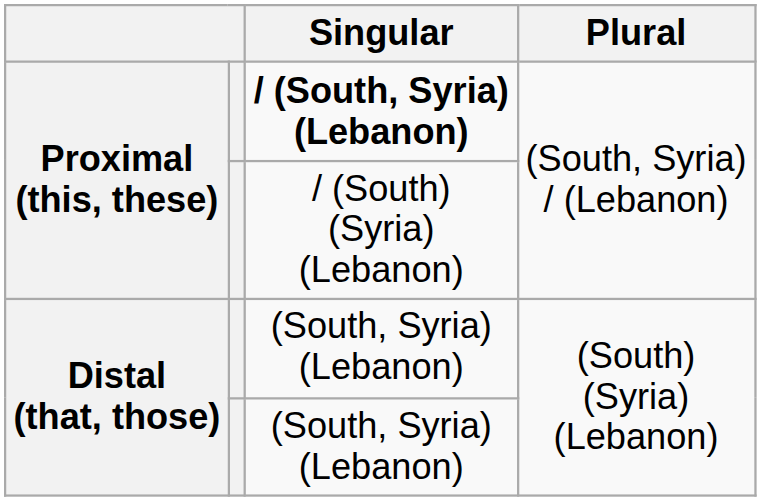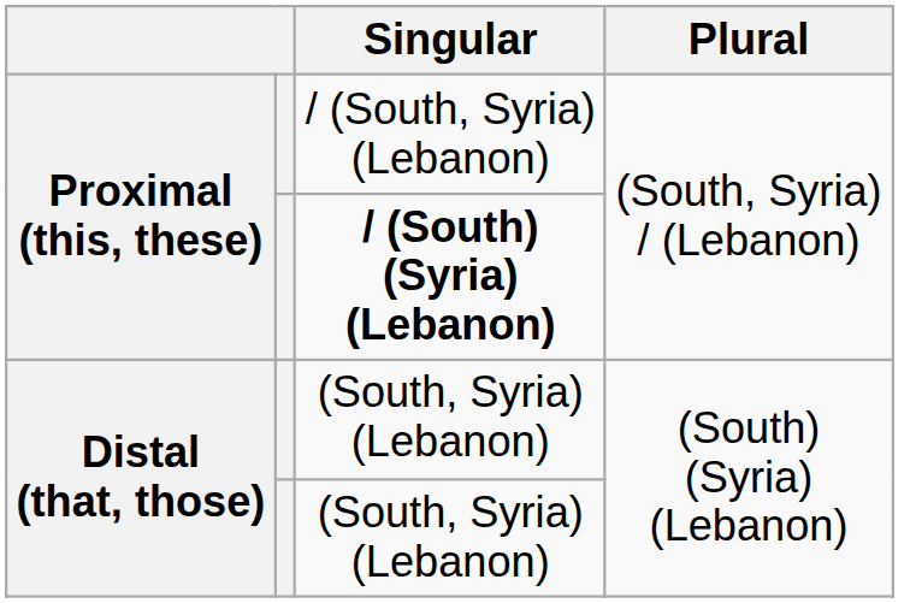 <table class="wikitable" style="text-align:center;">
 <tr>
 <th colspan="2"></th>
 <th>Singular</th>
 <th>Plural</th>
 </tr>
 <tr>
 <th rowspan="2">Proximal<br>(this, these)</th>
 <th></th>
-<td><strong>  /   (South, Syria)<br>  (Lebanon)</strong></td>
+<td>  /   (South, Syria)<br>  (Lebanon)</td>
 <td rowspan="2">  (South, Syria)<br>  /   (Lebanon)</td>
 </tr>
 <tr>
 <th></th>
-<td>  /   (South)<br>  (Syria)<br>  (Lebanon)</td>
+<td><strong>  /   (South)<br>  (Syria)<br>  (Lebanon)</strong></td>
 </tr>
 <tr>
 <th rowspan="2">Distal<br>(that, those)</th>
 <th></th>
 <td>  (South, Syria)<br>  (Lebanon)</td>
 <td rowspan="2">  (South)<br>  (Syria)<br>  (Lebanon)</td>
 </tr>
 <tr>
 <th></th>
 <td>  (South, Syria)<br>  (Lebanon)</td>
 </tr>
 </table>
